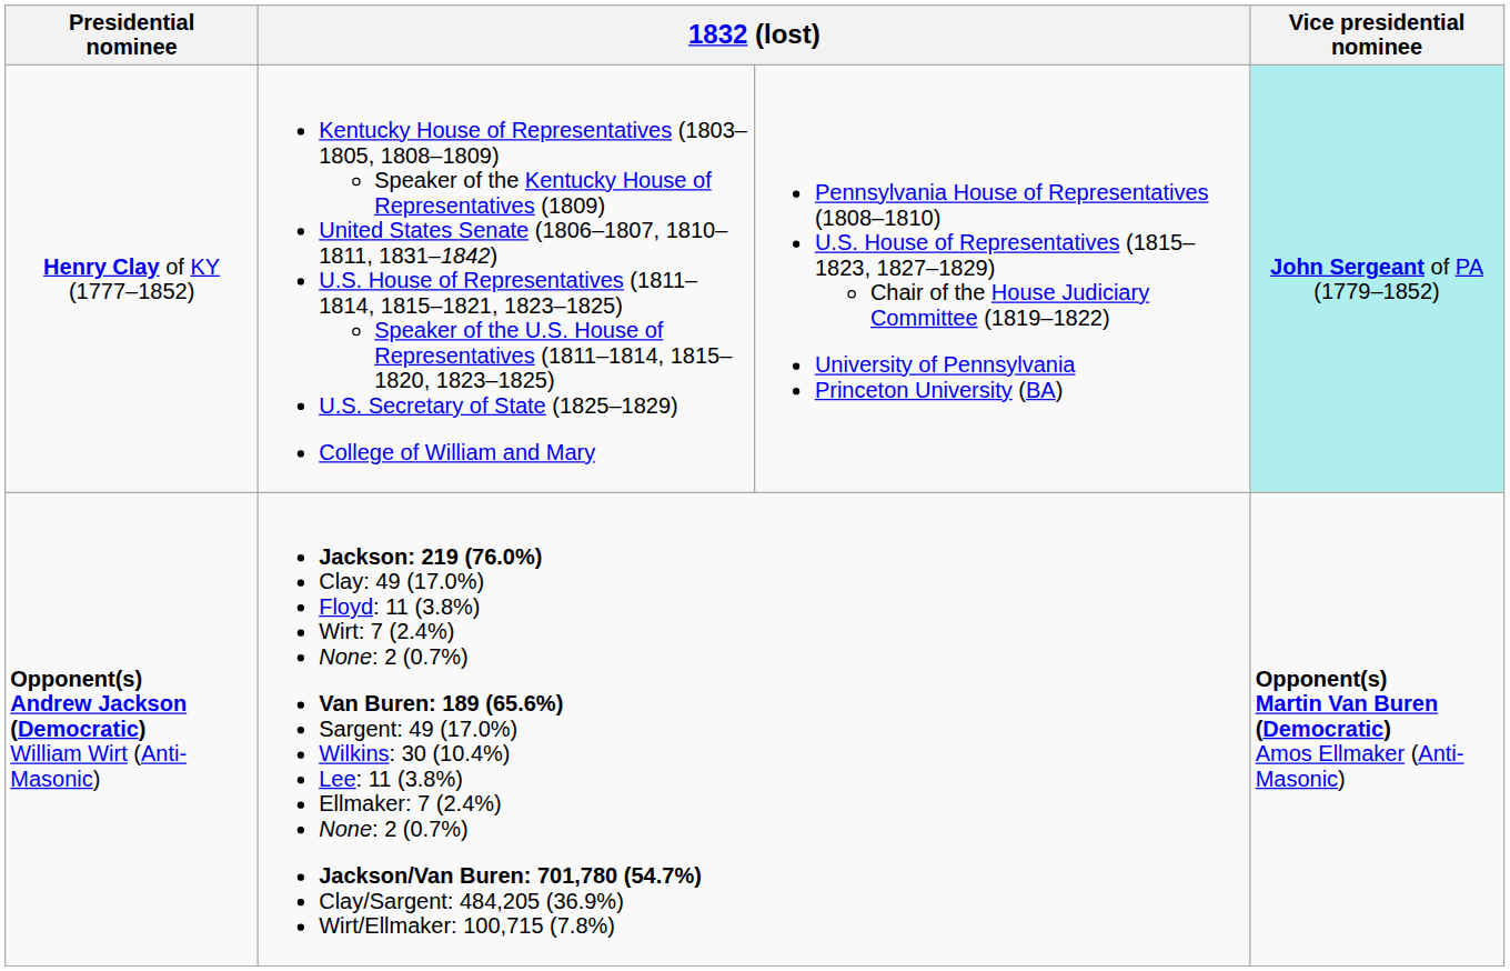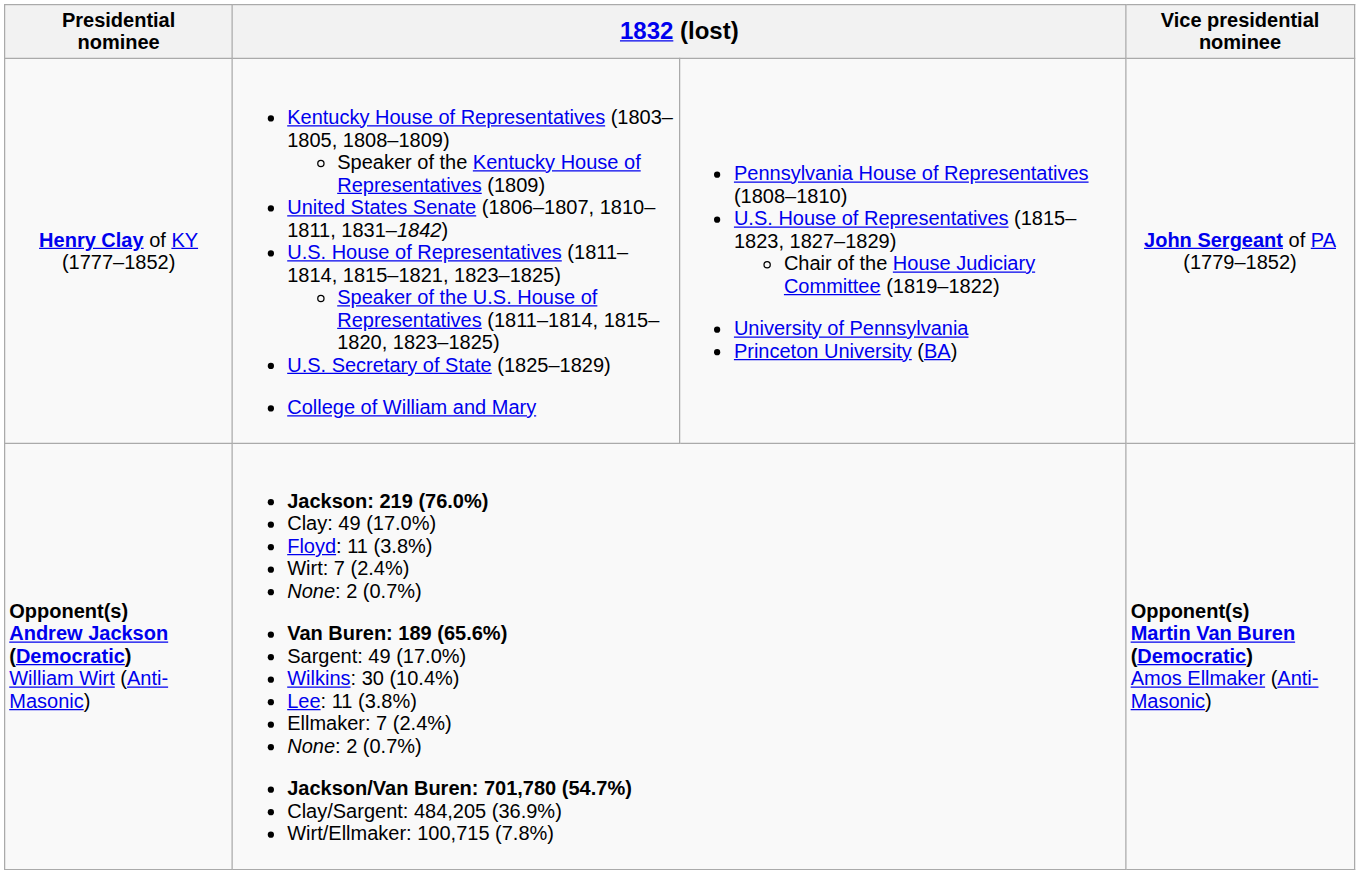 <table class="wikitable">
 <tr>
 <th width=175>Presidential<br>nominee</th>
 <th colspan=2><big><a href='#'>1832</a> (lost)</big></th>
 <th width=175>Vice presidential<br>nominee</th>
 </tr>
 <tr>
 <td style="text-align:center;"><strong><a href='#'>Henry Clay</a></strong> of <a href='#'>KY</a><br>(1777–1852)<br></td>
 <td width=350><br><ul><li><a href='#'>Kentucky House of Representatives</a> (1803–1805, 1808–1809)<ul><li>Speaker of the <a href='#'>Kentucky House of Representatives</a> (1809)</li></ul></li><li><a href='#'>United States Senate</a> (1806–1807, 1810–1811, 1831–<em>1842</em>)</li><li><a href='#'>U.S. House of Representatives</a> (1811–1814, 1815–1821, 1823–1825)<ul><li><a href='#'>Speaker of the U.S. House of Representatives</a> (1811–1814, 1815–1820, 1823–1825)</li></ul></li><li><a href='#'>U.S. Secretary of State</a> (1825–1829)</li></ul><ul><li><a href='#'>College of William and Mary</a></li></ul></td>
 <td width=350><br><ul><li><a href='#'>Pennsylvania House of Representatives</a> (1808–1810)</li><li><a href='#'>U.S. House of Representatives</a> (1815–1823, 1827–1829)<ul><li>Chair of the <a href='#'>House Judiciary Committee</a> (1819–1822)</li></ul></li></ul><ul><li><a href='#'>University of Pennsylvania</a></li><li><a href='#'>Princeton University</a> (<a href='#'>BA</a>)</li></ul></td>
-<td style="background: paleturquoise; text-align:center;"><strong><a href='#'>John Sergeant</a></strong> of <a href='#'>PA</a><br>(1779–1852)<br></td>
+<td style="text-align:center;"><strong><a href='#'>John Sergeant</a></strong> of <a href='#'>PA</a><br>(1779–1852)<br></td>
 </tr>
 <tr>
 <td><strong>Opponent(s)</strong><br><strong><a href='#'>Andrew Jackson</a> (<a href='#'>Democratic</a>)</strong><br><a href='#'>William Wirt</a> (<a href='#'>Anti-Masonic</a>)</td>
 <td colspan=2><br><ul><li><strong>Jackson: 219 (76.0%)</strong></li><li>Clay: 49 (17.0%)</li><li><a href='#'>Floyd</a>: 11 (3.8%)</li><li>Wirt: 7 (2.4%)</li><li><em>None</em>: 2 (0.7%)</li></ul><ul><li><strong>Van Buren: 189 (65.6%)</strong></li><li>Sargent: 49 (17.0%)</li><li><a href='#'>Wilkins</a>: 30 (10.4%)</li><li><a href='#'>Lee</a>: 11 (3.8%)</li><li>Ellmaker: 7 (2.4%)</li><li><em>None</em>: 2 (0.7%)</li></ul><ul><li><strong>Jackson/Van Buren: 701,780 (54.7%)</strong></li><li>Clay/Sargent: 484,205 (36.9%)</li><li>Wirt/Ellmaker: 100,715 (7.8%)</li></ul></td>
 <td><strong>Opponent(s)</strong><br><strong><a href='#'>Martin Van Buren</a> (<a href='#'>Democratic</a>)</strong><br><a href='#'>Amos Ellmaker</a> (<a href='#'>Anti-Masonic</a>)</td>
 </tr>
 </table>
